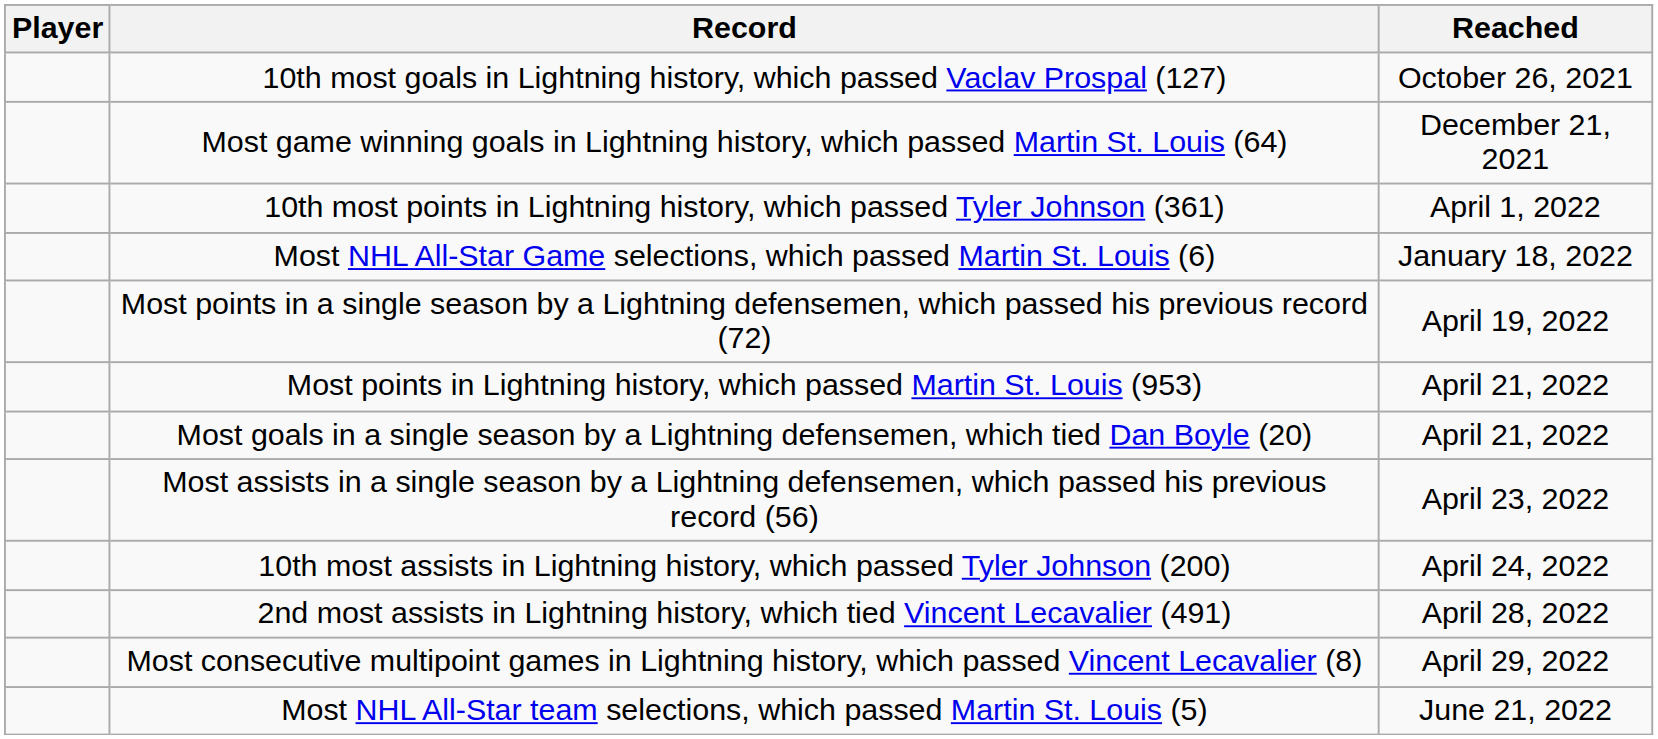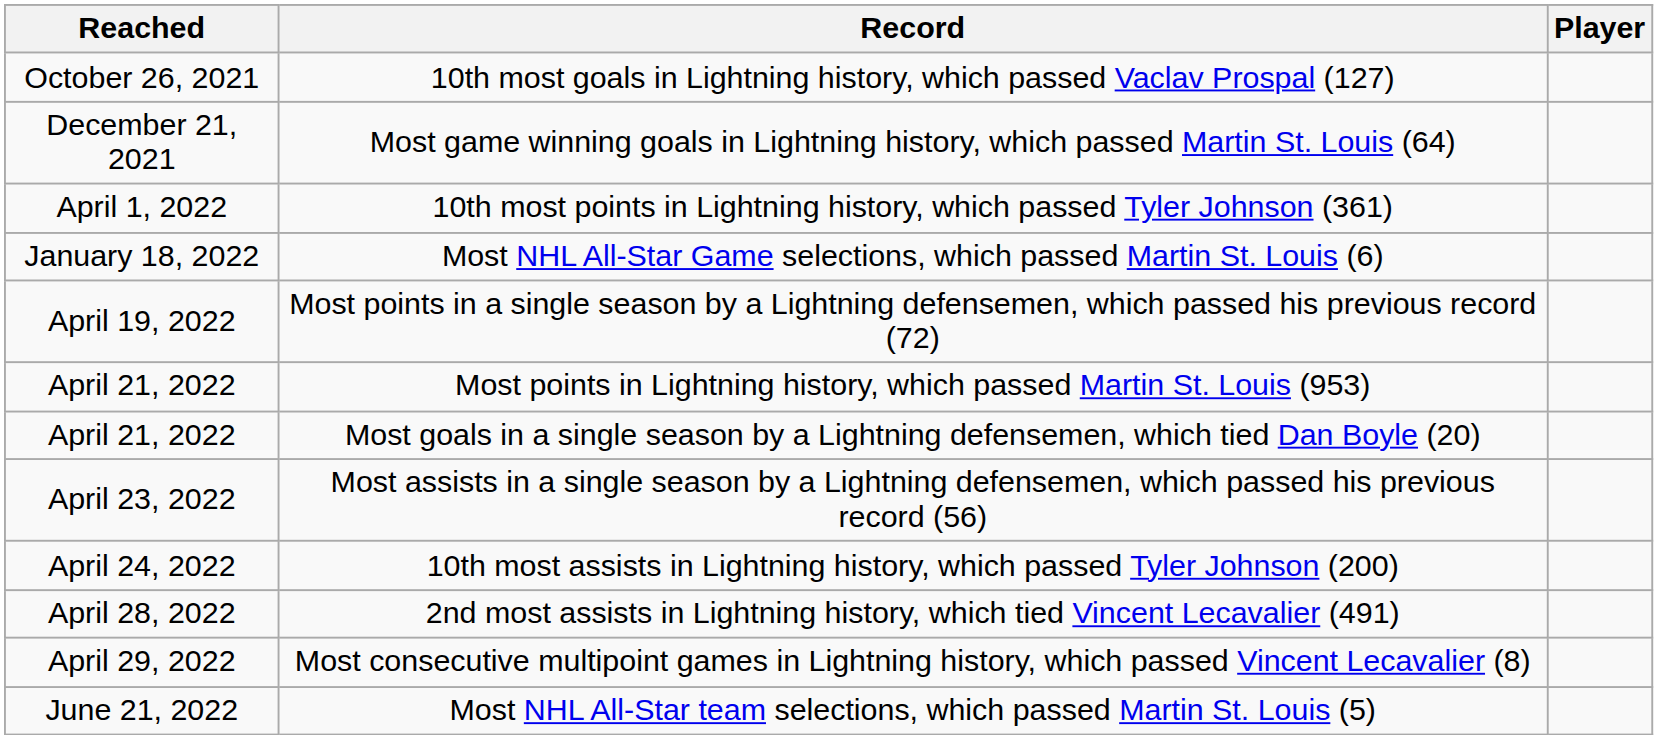 <table class="wikitable sortable" style="text-align:center;">
 <tr>
+<th>Reached</th>
+<th>Record</th>
 <th>Player</th>
-<th>Record</th>
-<th>Reached</th>
 </tr>
 <tr>
+<td>October 26, 2021</td>
+<td>10th most goals in Lightning history, which passed <a href='#'>Vaclav Prospal</a> (127)</td>
 <td></td>
-<td>10th most goals in Lightning history, which passed <a href='#'>Vaclav Prospal</a> (127)</td>
-<td>October 26, 2021</td>
 </tr>
 <tr>
+<td>December 21, 2021</td>
+<td>Most game winning goals in Lightning history, which passed <a href='#'>Martin St. Louis</a> (64)</td>
 <td></td>
-<td>Most game winning goals in Lightning history, which passed <a href='#'>Martin St. Louis</a> (64)</td>
-<td>December 21, 2021</td>
 </tr>
 <tr>
+<td>April 1, 2022</td>
+<td>10th most points in Lightning history, which passed <a href='#'>Tyler Johnson</a> (361)</td>
 <td></td>
-<td>10th most points in Lightning history, which passed <a href='#'>Tyler Johnson</a> (361)</td>
-<td>April 1, 2022</td>
 </tr>
 <tr>
+<td>January 18, 2022</td>
+<td>Most <a href='#'>NHL All-Star Game</a> selections, which passed <a href='#'>Martin St. Louis</a> (6)</td>
 <td></td>
-<td>Most <a href='#'>NHL All-Star Game</a> selections, which passed <a href='#'>Martin St. Louis</a> (6)</td>
-<td>January 18, 2022</td>
 </tr>
 <tr>
+<td>April 19, 2022</td>
+<td>Most points in a single season by a Lightning defensemen, which passed his previous record (72)</td>
 <td></td>
-<td>Most points in a single season by a Lightning defensemen, which passed his previous record (72)</td>
-<td>April 19, 2022</td>
 </tr>
 <tr>
+<td>April 21, 2022</td>
+<td>Most points in Lightning history, which passed <a href='#'>Martin St. Louis</a> (953)</td>
 <td></td>
-<td>Most points in Lightning history, which passed <a href='#'>Martin St. Louis</a> (953)</td>
-<td>April 21, 2022</td>
 </tr>
 <tr>
+<td>April 21, 2022</td>
+<td>Most goals in a single season by a Lightning defensemen, which tied <a href='#'>Dan Boyle</a> (20)</td>
 <td></td>
-<td>Most goals in a single season by a Lightning defensemen, which tied <a href='#'>Dan Boyle</a> (20)</td>
-<td>April 21, 2022</td>
 </tr>
 <tr>
+<td>April 23, 2022</td>
+<td>Most assists in a single season by a Lightning defensemen, which passed his previous record (56)</td>
 <td></td>
-<td>Most assists in a single season by a Lightning defensemen, which passed his previous record (56)</td>
-<td>April 23, 2022</td>
 </tr>
 <tr>
+<td>April 24, 2022</td>
+<td>10th most assists in Lightning history, which passed <a href='#'>Tyler Johnson</a> (200)</td>
 <td></td>
-<td>10th most assists in Lightning history, which passed <a href='#'>Tyler Johnson</a> (200)</td>
-<td>April 24, 2022</td>
 </tr>
 <tr>
+<td>April 28, 2022</td>
+<td>2nd most assists in Lightning history, which tied <a href='#'>Vincent Lecavalier</a> (491)</td>
 <td></td>
-<td>2nd most assists in Lightning history, which tied <a href='#'>Vincent Lecavalier</a> (491)</td>
-<td>April 28, 2022</td>
 </tr>
 <tr>
+<td>April 29, 2022</td>
+<td>Most consecutive multipoint games in Lightning history, which passed <a href='#'>Vincent Lecavalier</a> (8)</td>
 <td></td>
-<td>Most consecutive multipoint games in Lightning history, which passed <a href='#'>Vincent Lecavalier</a> (8)</td>
-<td>April 29, 2022</td>
 </tr>
 <tr>
+<td>June 21, 2022</td>
+<td>Most <a href='#'>NHL All-Star team</a> selections, which passed <a href='#'>Martin St. Louis</a> (5)</td>
 <td></td>
-<td>Most <a href='#'>NHL All-Star team</a> selections, which passed <a href='#'>Martin St. Louis</a> (5)</td>
-<td>June 21, 2022</td>
 </tr>
 </table>
